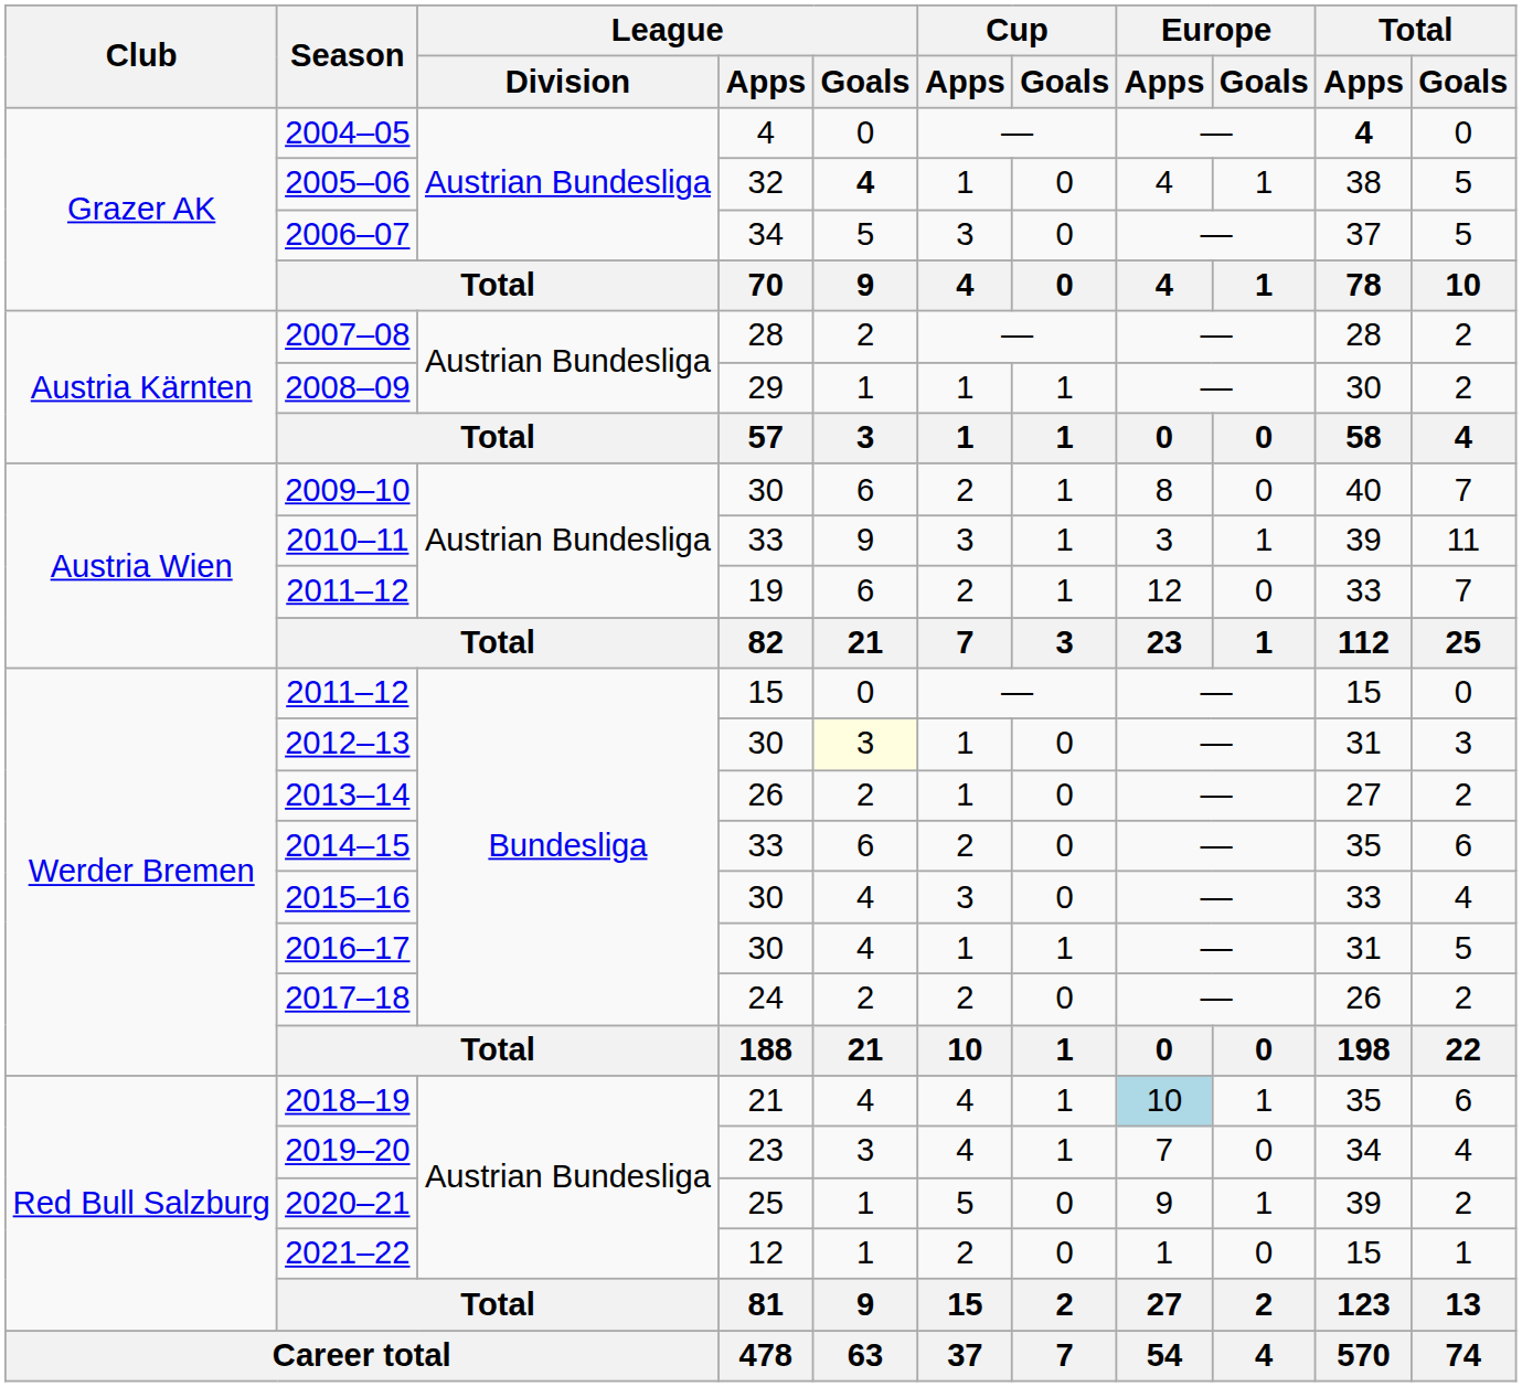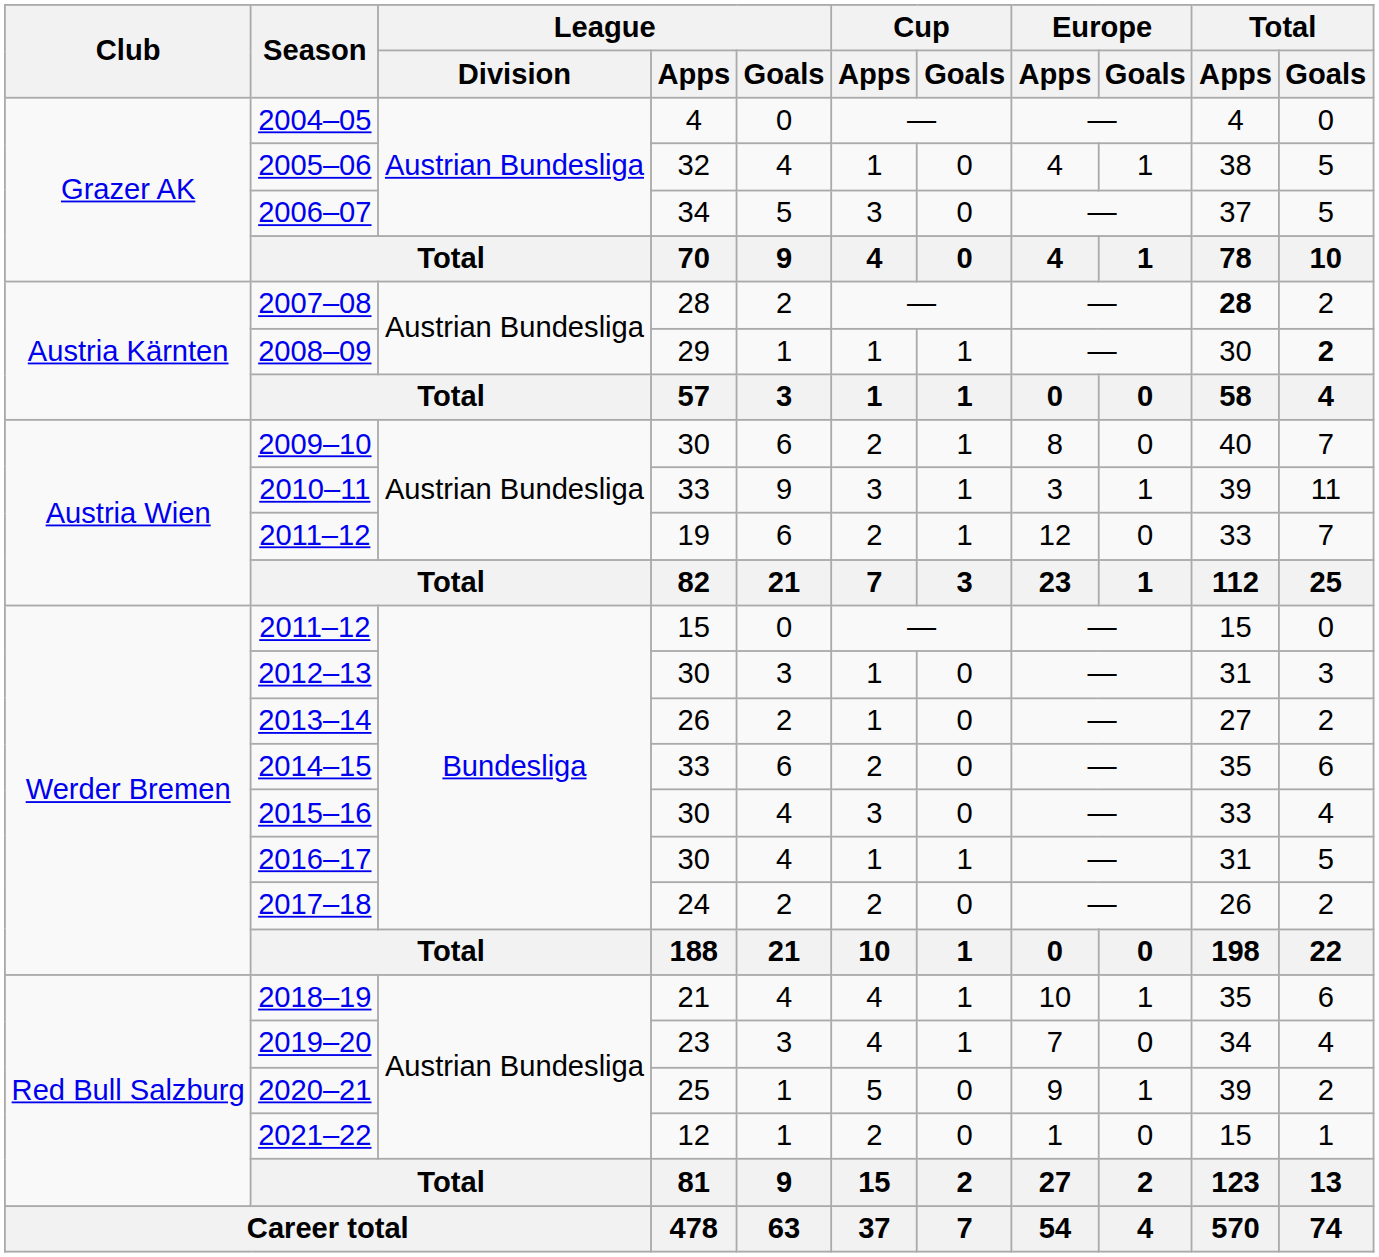 <table class="wikitable" style="text-align:center">
 <tr>
 <th rowspan="2">Club</th>
 <th rowspan="2">Season</th>
 <th colspan="3">League</th>
 <th colspan="2">Cup</th>
 <th colspan="2">Europe</th>
 <th colspan="2">Total</th>
 </tr>
 <tr>
 <th>Division</th>
 <th>Apps</th>
 <th>Goals</th>
 <th>Apps</th>
 <th>Goals</th>
 <th>Apps</th>
 <th>Goals</th>
 <th>Apps</th>
 <th>Goals</th>
 </tr>
 <tr>
 <td rowspan="4"><a href='#'>Grazer AK</a></td>
 <td><a href='#'>2004–05</a></td>
 <td rowspan="3"><a href='#'>Austrian Bundesliga</a></td>
 <td>4</td>
 <td>0</td>
 <td colspan="2">—</td>
 <td colspan="2">—</td>
-<td><strong>4</strong></td>
+<td>4</td>
 <td>0</td>
 </tr>
 <tr>
 <td><a href='#'>2005–06</a></td>
 <td>32</td>
-<td><strong>4</strong></td>
+<td>4</td>
 <td>1</td>
 <td>0</td>
 <td>4</td>
 <td>1</td>
 <td>38</td>
 <td>5</td>
 </tr>
 <tr>
 <td><a href='#'>2006–07</a></td>
 <td>34</td>
 <td>5</td>
 <td>3</td>
 <td>0</td>
 <td colspan="2">—</td>
 <td>37</td>
 <td>5</td>
 </tr>
 <tr>
 <th colspan="2">Total</th>
 <th>70</th>
 <th>9</th>
 <th>4</th>
 <th>0</th>
 <th>4</th>
 <th>1</th>
 <th>78</th>
 <th>10</th>
 </tr>
 <tr>
 <td rowspan="3"><a href='#'>Austria Kärnten</a></td>
 <td><a href='#'>2007–08</a></td>
 <td rowspan="2">Austrian Bundesliga</td>
 <td>28</td>
 <td>2</td>
 <td colspan="2">—</td>
 <td colspan="2">—</td>
-<td>28</td>
+<td><strong>28</strong></td>
 <td>2</td>
 </tr>
 <tr>
 <td><a href='#'>2008–09</a></td>
 <td>29</td>
 <td>1</td>
 <td>1</td>
 <td>1</td>
 <td colspan="2">—</td>
 <td>30</td>
-<td>2</td>
+<td><strong>2</strong></td>
 </tr>
 <tr>
 <th colspan="2">Total</th>
 <th>57</th>
 <th>3</th>
 <th>1</th>
 <th>1</th>
 <th>0</th>
 <th>0</th>
 <th>58</th>
 <th>4</th>
 </tr>
 <tr>
 <td rowspan="4"><a href='#'>Austria Wien</a></td>
 <td><a href='#'>2009–10</a></td>
 <td rowspan="3">Austrian Bundesliga</td>
 <td>30</td>
 <td>6</td>
 <td>2</td>
 <td>1</td>
 <td>8</td>
 <td>0</td>
 <td>40</td>
 <td>7</td>
 </tr>
 <tr>
 <td><a href='#'>2010–11</a></td>
 <td>33</td>
 <td>9</td>
 <td>3</td>
 <td>1</td>
 <td>3</td>
 <td>1</td>
 <td>39</td>
 <td>11</td>
 </tr>
 <tr>
 <td><a href='#'>2011–12</a></td>
 <td>19</td>
 <td>6</td>
 <td>2</td>
 <td>1</td>
 <td>12</td>
 <td>0</td>
 <td>33</td>
 <td>7</td>
 </tr>
 <tr>
 <th colspan="2">Total</th>
 <th>82</th>
 <th>21</th>
 <th>7</th>
 <th>3</th>
 <th>23</th>
 <th>1</th>
 <th>112</th>
 <th>25</th>
 </tr>
 <tr>
 <td rowspan="8"><a href='#'>Werder Bremen</a></td>
 <td><a href='#'>2011–12</a></td>
 <td rowspan="7"><a href='#'>Bundesliga</a></td>
 <td>15</td>
 <td>0</td>
 <td colspan="2">—</td>
 <td colspan="2">—</td>
 <td>15</td>
 <td>0</td>
 </tr>
 <tr>
 <td><a href='#'>2012–13</a></td>
 <td>30</td>
-<td style="background: lightyellow;">3</td>
+<td>3</td>
 <td>1</td>
 <td>0</td>
 <td colspan="2">—</td>
 <td>31</td>
 <td>3</td>
 </tr>
 <tr>
 <td><a href='#'>2013–14</a></td>
 <td>26</td>
 <td>2</td>
 <td>1</td>
 <td>0</td>
 <td colspan="2">—</td>
 <td>27</td>
 <td>2</td>
 </tr>
 <tr>
 <td><a href='#'>2014–15</a></td>
 <td>33</td>
 <td>6</td>
 <td>2</td>
 <td>0</td>
 <td colspan="2">—</td>
 <td>35</td>
 <td>6</td>
 </tr>
 <tr>
 <td><a href='#'>2015–16</a></td>
 <td>30</td>
 <td>4</td>
 <td>3</td>
 <td>0</td>
 <td colspan="2">—</td>
 <td>33</td>
 <td>4</td>
 </tr>
 <tr>
 <td><a href='#'>2016–17</a></td>
 <td>30</td>
 <td>4</td>
 <td>1</td>
 <td>1</td>
 <td colspan="2">—</td>
 <td>31</td>
 <td>5</td>
 </tr>
 <tr>
 <td><a href='#'>2017–18</a></td>
 <td>24</td>
 <td>2</td>
 <td>2</td>
 <td>0</td>
 <td colspan="2">—</td>
 <td>26</td>
 <td>2</td>
 </tr>
 <tr>
 <th colspan="2">Total</th>
 <th>188</th>
 <th>21</th>
 <th>10</th>
 <th>1</th>
 <th>0</th>
 <th>0</th>
 <th>198</th>
 <th>22</th>
 </tr>
 <tr>
 <td rowspan="5"><a href='#'>Red Bull Salzburg</a></td>
 <td><a href='#'>2018–19</a></td>
 <td rowspan="4">Austrian Bundesliga</td>
 <td>21</td>
 <td>4</td>
 <td>4</td>
 <td>1</td>
-<td style="background: lightblue;">10</td>
+<td>10</td>
 <td>1</td>
 <td>35</td>
 <td>6</td>
 </tr>
 <tr>
 <td><a href='#'>2019–20</a></td>
 <td>23</td>
 <td>3</td>
 <td>4</td>
 <td>1</td>
 <td>7</td>
 <td>0</td>
 <td>34</td>
 <td>4</td>
 </tr>
 <tr>
 <td><a href='#'>2020–21</a></td>
 <td>25</td>
 <td>1</td>
 <td>5</td>
 <td>0</td>
 <td>9</td>
 <td>1</td>
 <td>39</td>
 <td>2</td>
 </tr>
 <tr>
 <td><a href='#'>2021–22</a></td>
 <td>12</td>
 <td>1</td>
 <td>2</td>
 <td>0</td>
 <td>1</td>
 <td>0</td>
 <td>15</td>
 <td>1</td>
 </tr>
 <tr>
 <th colspan="2">Total</th>
 <th>81</th>
 <th>9</th>
 <th>15</th>
 <th>2</th>
 <th>27</th>
 <th>2</th>
 <th>123</th>
 <th>13</th>
 </tr>
 <tr>
 <th colspan="3">Career total</th>
 <th>478</th>
 <th>63</th>
 <th>37</th>
 <th>7</th>
 <th>54</th>
 <th>4</th>
 <th>570</th>
 <th>74</th>
 </tr>
 </table>
